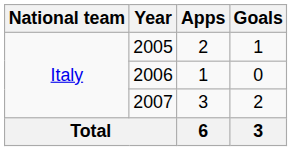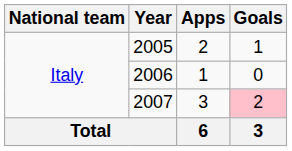 <table class="wikitable" style="text-align:center">
 <tr>
 <th>National team</th>
 <th>Year</th>
 <th>Apps</th>
 <th>Goals</th>
 </tr>
 <tr>
 <td rowspan="3"><a href='#'>Italy</a></td>
 <td>2005</td>
 <td>2</td>
 <td>1</td>
 </tr>
 <tr>
 <td>2006</td>
 <td>1</td>
 <td>0</td>
 </tr>
 <tr>
 <td>2007</td>
 <td>3</td>
-<td>2</td>
+<td style="background: pink;">2</td>
 </tr>
 <tr>
 <th colspan="2">Total</th>
 <th>6</th>
 <th>3</th>
 </tr>
 </table>
